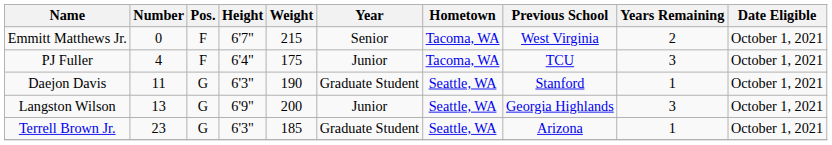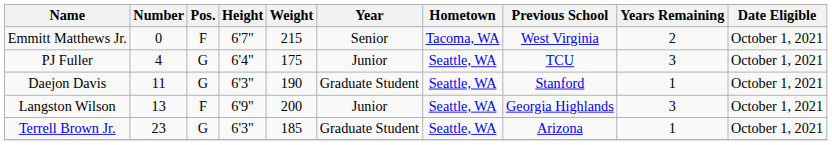 <table class="wikitable sortable sortable" style="text-align: center">
 <tr align=center>
 <th>Name</th>
 <th>Number</th>
 <th>Pos.</th>
 <th>Height</th>
 <th>Weight</th>
 <th>Year</th>
 <th>Hometown</th>
 <th>Previous School</th>
 <th>Years Remaining</th>
 <th>Date Eligible</th>
 </tr>
 <tr>
 <td>Emmitt Matthews Jr.</td>
 <td>0</td>
 <td>F</td>
 <td>6'7"</td>
 <td>215</td>
 <td>Senior</td>
 <td><a href='#'>Tacoma, WA</a></td>
 <td><a href='#'>West Virginia</a></td>
 <td>2</td>
 <td>October 1, 2021</td>
 </tr>
 <tr>
 <td>PJ Fuller</td>
 <td>4</td>
-<td>F</td>
+<td>G</td>
 <td>6'4"</td>
 <td>175</td>
 <td>Junior</td>
-<td><a href='#'>Tacoma, WA</a></td>
+<td><a href='#'>Seattle, WA</a></td>
 <td><a href='#'>TCU</a></td>
 <td>3</td>
 <td>October 1, 2021</td>
 </tr>
 <tr>
 <td>Daejon Davis</td>
 <td>11</td>
 <td>G</td>
 <td>6'3"</td>
 <td>190</td>
 <td>Graduate Student</td>
 <td><a href='#'>Seattle, WA</a></td>
 <td><a href='#'>Stanford</a></td>
 <td>1</td>
 <td>October 1, 2021</td>
 </tr>
 <tr>
 <td>Langston Wilson</td>
 <td>13</td>
-<td>G</td>
+<td>F</td>
 <td>6'9"</td>
 <td>200</td>
 <td>Junior</td>
 <td><a href='#'>Seattle, WA</a></td>
 <td><a href='#'>Georgia Highlands</a></td>
 <td>3</td>
 <td>October 1, 2021</td>
 </tr>
 <tr>
 <td><a href='#'>Terrell Brown Jr.</a></td>
 <td>23</td>
 <td>G</td>
 <td>6'3"</td>
 <td>185</td>
 <td>Graduate Student</td>
 <td><a href='#'>Seattle, WA</a></td>
 <td><a href='#'>Arizona</a></td>
 <td>1</td>
 <td>October 1, 2021</td>
 </tr>
 <tr>
 </tr>
 </table>
